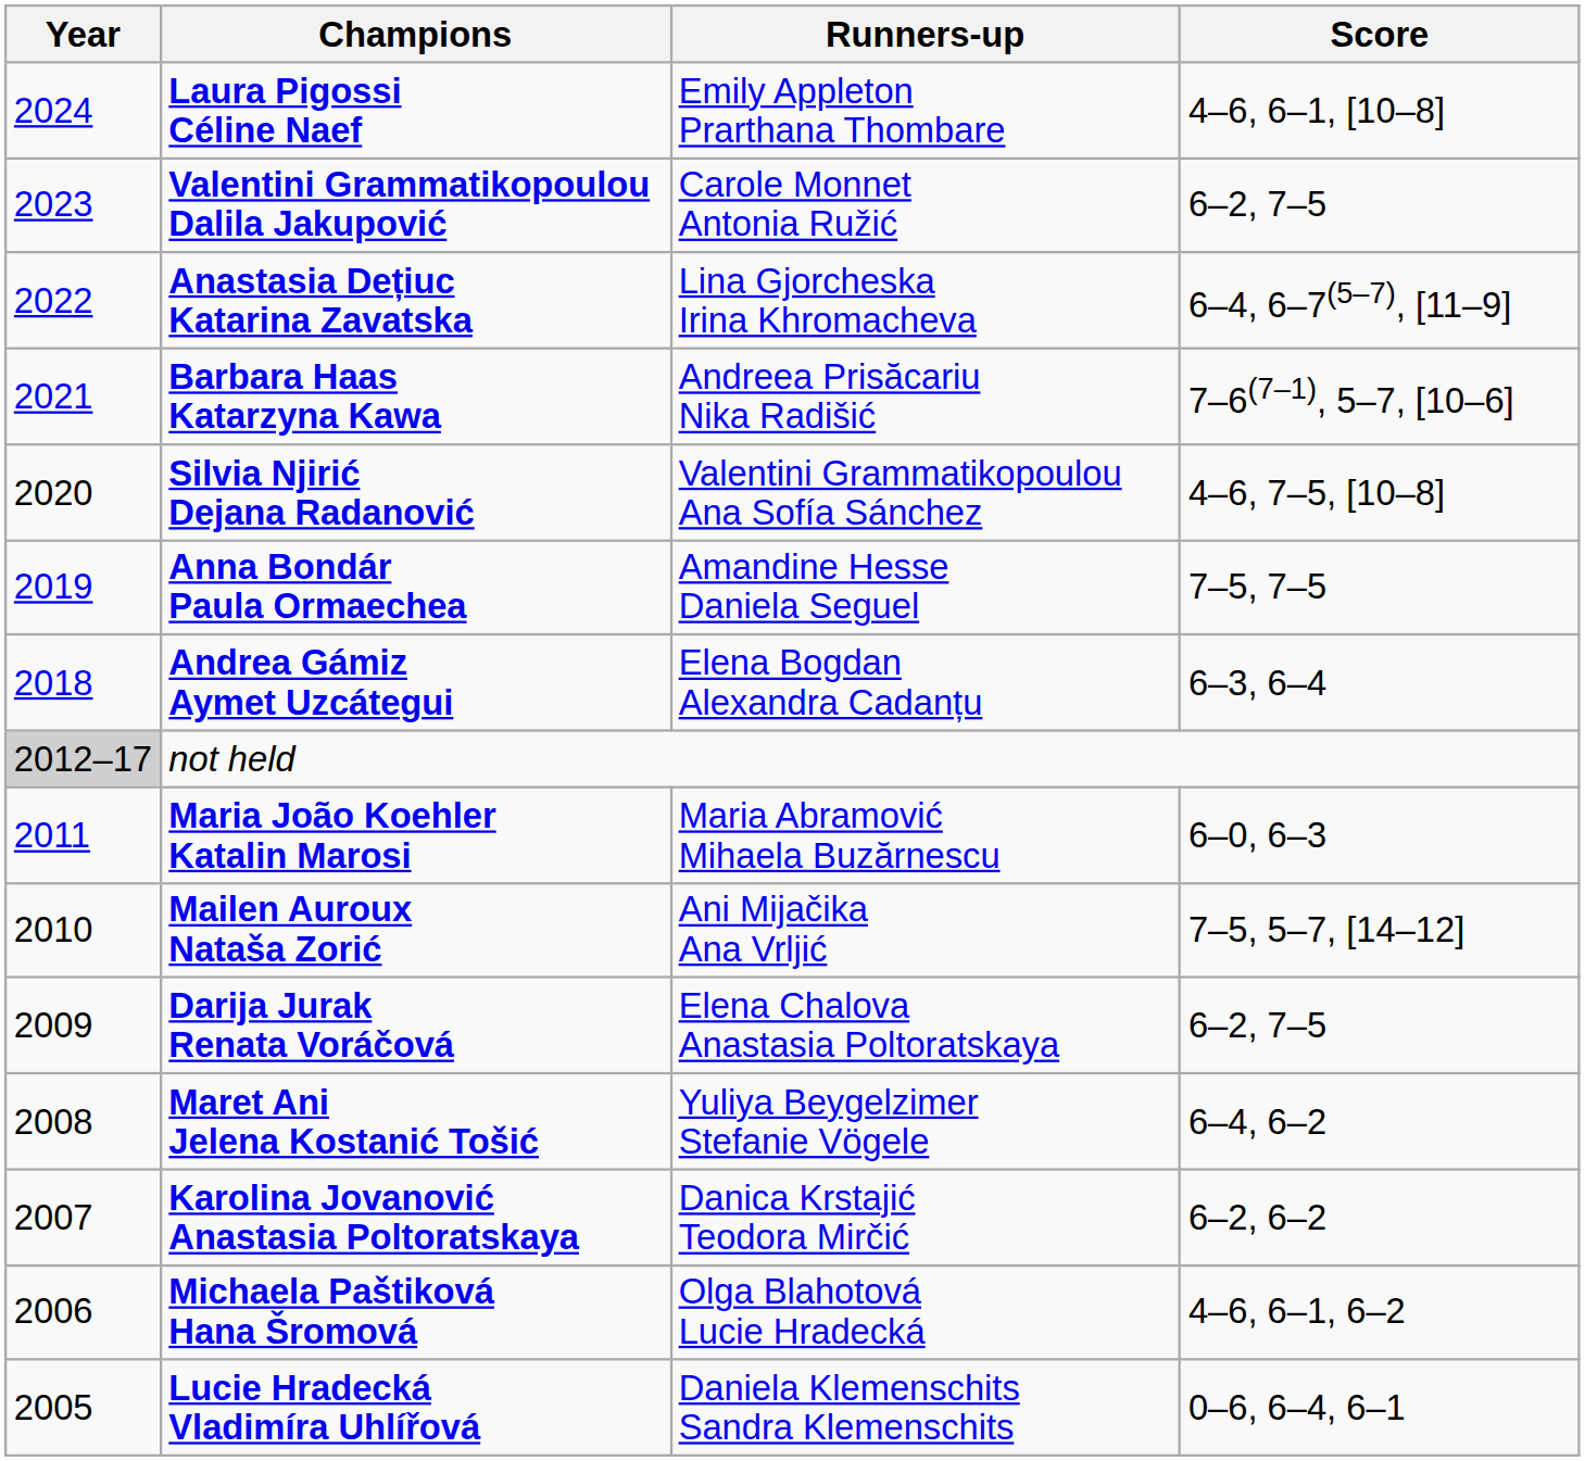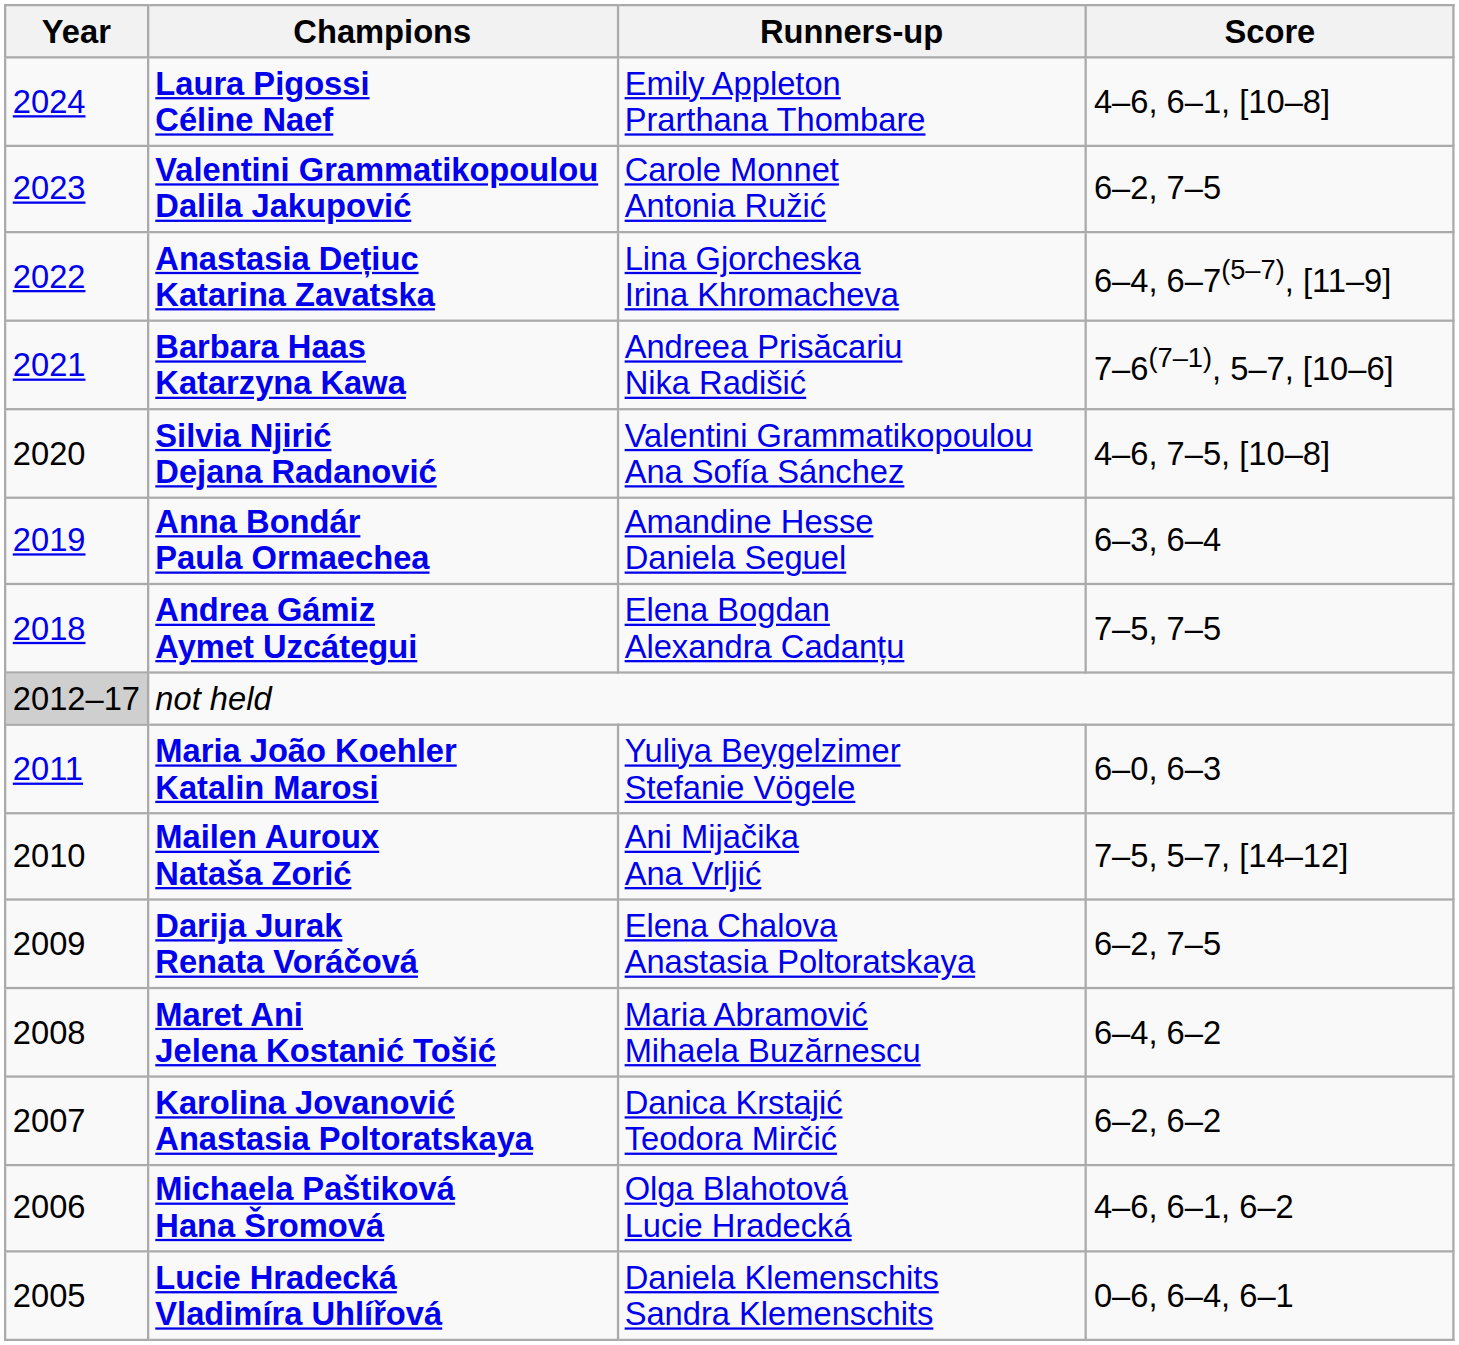 <table class="wikitable nowrap" style="font-size:90%">
 <tr>
 <th>Year</th>
 <th width="200">Champions</th>
 <th width="200">Runners-up</th>
 <th width="155">Score</th>
 </tr>
 <tr>
 <td><a href='#'>2024</a></td>
 <td> <strong><a href='#'>Laura Pigossi</a></strong> <br>  <strong><a href='#'>Céline Naef</a></strong></td>
 <td> <a href='#'>Emily Appleton</a> <br>  <a href='#'>Prarthana Thombare</a></td>
 <td>4–6, 6–1, [10–8]</td>
 </tr>
 <tr>
 <td><a href='#'>2023</a></td>
 <td> <strong><a href='#'>Valentini Grammatikopoulou</a></strong> <br>  <strong><a href='#'>Dalila Jakupović</a></strong></td>
 <td> <a href='#'>Carole Monnet</a> <br>  <a href='#'>Antonia Ružić</a></td>
 <td>6–2, 7–5</td>
 </tr>
 <tr>
 <td><a href='#'>2022</a></td>
 <td> <strong><a href='#'>Anastasia Dețiuc</a></strong> <br>  <strong><a href='#'>Katarina Zavatska</a></strong></td>
 <td> <a href='#'>Lina Gjorcheska</a> <br>  <a href='#'>Irina Khromacheva</a></td>
 <td>6–4, 6–7<sup>(5–7)</sup>, [11–9]</td>
 </tr>
 <tr>
 <td><a href='#'>2021</a></td>
 <td> <strong><a href='#'>Barbara Haas</a></strong> <br>  <strong><a href='#'>Katarzyna Kawa</a></strong></td>
 <td> <a href='#'>Andreea Prisăcariu</a> <br>  <a href='#'>Nika Radišić</a></td>
 <td>7–6<sup>(7–1)</sup>, 5–7, [10–6]</td>
 </tr>
 <tr>
 <td>2020</td>
 <td> <strong><a href='#'>Silvia Njirić</a></strong> <br>  <strong><a href='#'>Dejana Radanović</a></strong></td>
 <td> <a href='#'>Valentini Grammatikopoulou</a> <br>  <a href='#'>Ana Sofía Sánchez</a></td>
 <td>4–6, 7–5, [10–8]</td>
 </tr>
 <tr>
 <td><a href='#'>2019</a></td>
 <td> <strong><a href='#'>Anna Bondár</a></strong> <br>  <strong><a href='#'>Paula Ormaechea</a></strong></td>
 <td> <a href='#'>Amandine Hesse</a> <br>  <a href='#'>Daniela Seguel</a></td>
-<td>7–5, 7–5</td>
+<td>6–3, 6–4</td>
 </tr>
 <tr>
 <td><a href='#'>2018</a></td>
 <td> <strong><a href='#'>Andrea Gámiz</a></strong> <br>  <strong><a href='#'>Aymet Uzcátegui</a></strong></td>
 <td> <a href='#'>Elena Bogdan</a> <br>  <a href='#'>Alexandra Cadanțu</a></td>
-<td>6–3, 6–4</td>
+<td>7–5, 7–5</td>
 </tr>
 <tr>
 <td style="background:#cfcfcf">2012–17</td>
 <td colspan="3"><em>not held</em></td>
 </tr>
 <tr>
 <td><a href='#'>2011</a></td>
 <td> <strong><a href='#'>Maria João Koehler</a></strong> <br>  <strong><a href='#'>Katalin Marosi</a></strong></td>
-<td> <a href='#'>Maria Abramović</a> <br>  <a href='#'>Mihaela Buzărnescu</a></td>
+<td> <a href='#'>Yuliya Beygelzimer</a> <br>  <a href='#'>Stefanie Vögele</a></td>
 <td>6–0, 6–3</td>
 </tr>
 <tr>
 <td>2010</td>
 <td> <strong><a href='#'>Mailen Auroux</a></strong> <br>  <strong><a href='#'>Nataša Zorić</a></strong></td>
 <td> <a href='#'>Ani Mijačika</a> <br>  <a href='#'>Ana Vrljić</a></td>
 <td>7–5, 5–7, [14–12]</td>
 </tr>
 <tr>
 <td>2009</td>
 <td> <strong><a href='#'>Darija Jurak</a></strong> <br>  <strong><a href='#'>Renata Voráčová</a></strong></td>
 <td> <a href='#'>Elena Chalova</a> <br>  <a href='#'>Anastasia Poltoratskaya</a></td>
 <td>6–2, 7–5</td>
 </tr>
 <tr>
 <td>2008</td>
 <td> <strong><a href='#'>Maret Ani</a></strong> <br>  <strong><a href='#'>Jelena Kostanić Tošić</a></strong></td>
-<td> <a href='#'>Yuliya Beygelzimer</a> <br>  <a href='#'>Stefanie Vögele</a></td>
+<td> <a href='#'>Maria Abramović</a> <br>  <a href='#'>Mihaela Buzărnescu</a></td>
 <td>6–4, 6–2</td>
 </tr>
 <tr>
 <td>2007</td>
 <td> <strong><a href='#'>Karolina Jovanović</a></strong> <br>  <strong><a href='#'>Anastasia Poltoratskaya</a></strong></td>
 <td> <a href='#'>Danica Krstajić</a> <br>  <a href='#'>Teodora Mirčić</a></td>
 <td>6–2, 6–2</td>
 </tr>
 <tr>
 <td>2006</td>
 <td> <strong><a href='#'>Michaela Paštiková</a></strong> <br>  <strong><a href='#'>Hana Šromová</a></strong></td>
 <td> <a href='#'>Olga Blahotová</a> <br>  <a href='#'>Lucie Hradecká</a></td>
 <td>4–6, 6–1, 6–2</td>
 </tr>
 <tr>
 <td>2005</td>
 <td> <strong><a href='#'>Lucie Hradecká</a></strong> <br>  <strong><a href='#'>Vladimíra Uhlířová</a></strong></td>
 <td> <a href='#'>Daniela Klemenschits</a> <br>  <a href='#'>Sandra Klemenschits</a></td>
 <td>0–6, 6–4, 6–1</td>
 </tr>
 </table>
